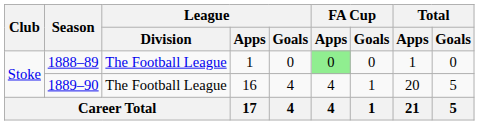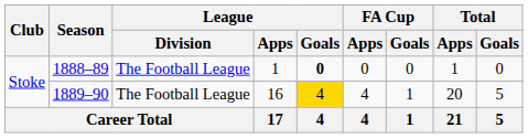 <table class="wikitable" style="text-align: center;">
 <tr>
 <th rowspan="2">Club</th>
 <th rowspan="2">Season</th>
 <th colspan="3">League</th>
 <th colspan="2">FA Cup</th>
 <th colspan="2">Total</th>
 </tr>
 <tr>
 <th>Division</th>
 <th>Apps</th>
 <th>Goals</th>
 <th>Apps</th>
 <th>Goals</th>
 <th>Apps</th>
 <th>Goals</th>
 </tr>
 <tr>
 <td rowspan="2"><a href='#'>Stoke</a></td>
 <td><a href='#'>1888–89</a></td>
 <td><a href='#'>The Football League</a></td>
 <td>1</td>
+<td><strong>0</strong></td>
 <td>0</td>
-<td style="background: lightgreen;">0</td>
 <td>0</td>
 <td>1</td>
 <td>0</td>
 </tr>
 <tr>
 <td><a href='#'>1889–90</a></td>
 <td>The Football League</td>
 <td>16</td>
-<td>4</td>
+<td style="background: gold;">4</td>
 <td>4</td>
 <td>1</td>
 <td>20</td>
 <td>5</td>
 </tr>
 <tr>
 <th colspan="3">Career Total</th>
 <th>17</th>
 <th>4</th>
 <th>4</th>
 <th>1</th>
 <th>21</th>
 <th>5</th>
 </tr>
 </table>
